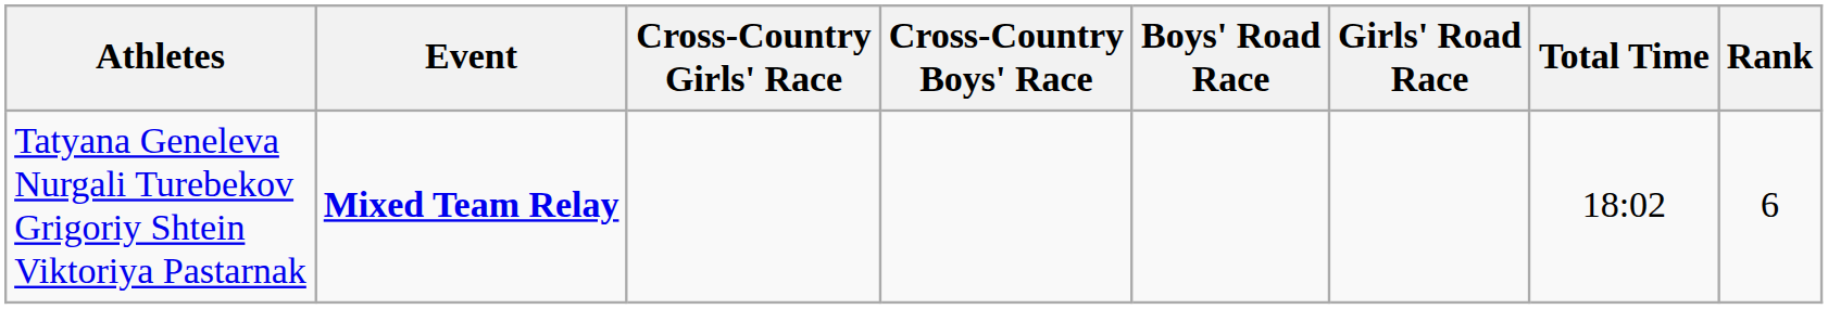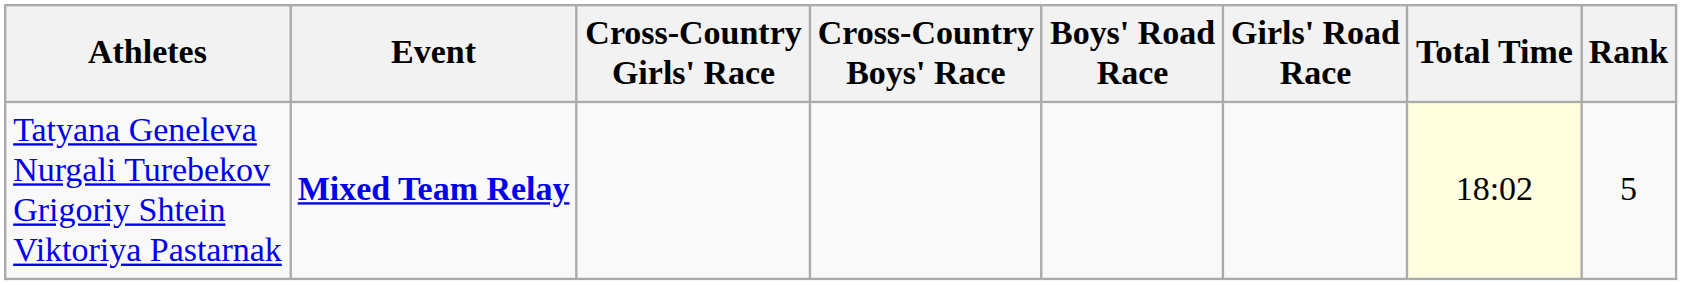 <table class="wikitable" style="font-size:90%;">
 <tr>
 <th>Athletes</th>
 <th>Event</th>
 <th>Cross-Country<br>Girls' Race</th>
 <th>Cross-Country<br>Boys' Race</th>
 <th>Boys' Road<br>Race</th>
 <th>Girls' Road<br>Race</th>
 <th>Total Time</th>
 <th>Rank</th>
 </tr>
 <tr align=center>
 <td align=left><a href='#'>Tatyana Geneleva</a><br><a href='#'>Nurgali Turebekov</a><br><a href='#'>Grigoriy Shtein</a><br><a href='#'>Viktoriya Pastarnak</a></td>
 <td align=left><strong><a href='#'>Mixed Team Relay</a></strong></td>
 <td></td>
 <td></td>
 <td></td>
 <td></td>
-<td>18:02</td>
-<td>6</td>
+<td style="background: lightyellow;">18:02</td>
+<td>5</td>
 </tr>
 </table>
